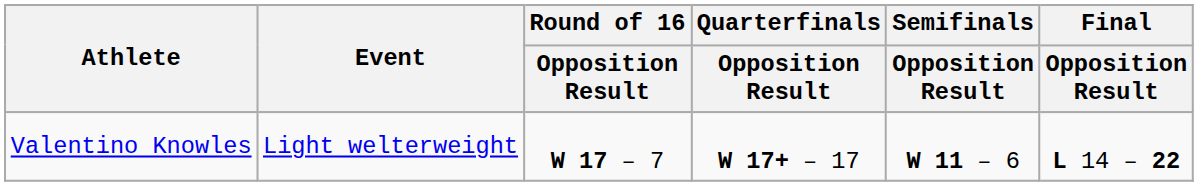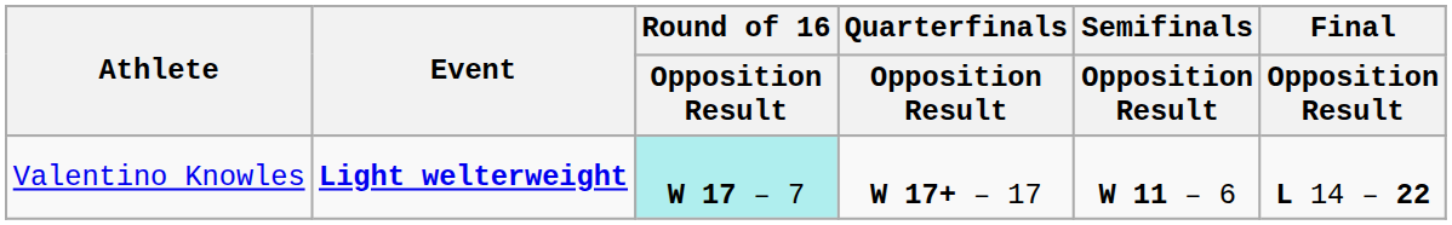 <table class="wikitable" border="1" style="font-size:90%">
 <tr>
 <th rowspan=2>Athlete</th>
 <th rowspan=2>Event</th>
 <th>Round of 16</th>
 <th>Quarterfinals</th>
 <th>Semifinals</th>
 <th>Final</th>
 </tr>
 <tr>
 <th>Opposition<br>Result</th>
 <th>Opposition<br>Result</th>
 <th>Opposition<br>Result</th>
 <th>Opposition<br>Result</th>
 </tr>
 <tr>
 <td><a href='#'>Valentino Knowles</a></td>
-<td><a href='#'>Light welterweight</a></td>
-<td align=center><br><strong>W</strong> <strong>17</strong> – 7</td>
+<td><strong><a href='#'>Light welterweight</a></strong></td>
+<td align=center style="background: paleturquoise;"><br><strong>W</strong> <strong>17</strong> – 7</td>
 <td align=center><br><strong>W</strong> <strong>17+</strong> – 17</td>
 <td align=center><br><strong>W</strong> <strong>11</strong> – 6</td>
 <td align=center><br><strong>L</strong> 14 – <strong>22</strong> </td>
 </tr>
 </table>
